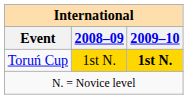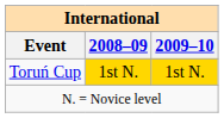 <table class="wikitable" style="text-align:center">
 <tr>
 <th style="background-color: #ffdead; " colspan=3 align=center><strong>International</strong></th>
 </tr>
 <tr>
 <th>Event</th>
 <th><a href='#'>2008–09</a></th>
 <th><a href='#'>2009–10</a></th>
 </tr>
 <tr>
 <td align=left><a href='#'>Toruń Cup</a></td>
 <td bgcolor=gold>1st N.</td>
-<td bgcolor=gold><strong>1st N.</strong></td>
+<td bgcolor=gold>1st N.</td>
 </tr>
 <tr>
 <td colspan=3 align=center><small> N. = Novice level </small></td>
 </tr>
 </table>
